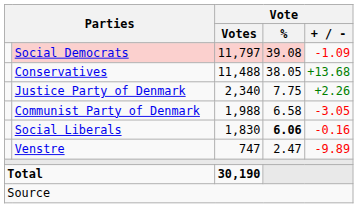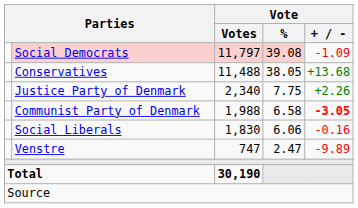 <table class="wikitable" style="text-align:right;">
 <tr>
 <th style="text-align:centre;" rowspan="2" colspan="2" width="225">Parties</th>
 <th colspan="3">Vote</th>
 </tr>
 <tr>
 <th width="15">Votes</th>
 <th width="15">%</th>
 <th width="15">+ / -</th>
 </tr>
 <tr>
 <td width="2" style="color:inherit;background:"></td>
 <td bgcolor=#fbd0ce  align="left"><a href='#'>Social Democrats</a></td>
 <td bgcolor=#fbd0ce>11,797</td>
 <td bgcolor=#fbd0ce>39.08</td>
 <td style=color:red;>-1.09</td>
 </tr>
 <tr>
 <td width="2" style="color:inherit;background:"></td>
 <td align="left"><a href='#'>Conservatives</a></td>
 <td>11,488</td>
 <td>38.05</td>
 <td style=color:green;>+13.68</td>
 </tr>
 <tr>
 <td width="2" style="color:inherit;background:"></td>
 <td align="left"><a href='#'>Justice Party of Denmark</a></td>
 <td>2,340</td>
 <td>7.75</td>
 <td style=color:green;>+2.26</td>
 </tr>
 <tr>
 <td width="2" style="color:inherit;background:"></td>
 <td align="left"><a href='#'>Communist Party of Denmark</a></td>
 <td>1,988</td>
 <td>6.58</td>
-<td style=color:red;>-3.05</td>
+<td style=color:red;><strong>-3.05</strong></td>
 </tr>
 <tr>
 <td width="2" style="color:inherit;background:"></td>
 <td align="left"><a href='#'>Social Liberals</a></td>
 <td>1,830</td>
-<td><strong>6.06</strong></td>
+<td>6.06</td>
 <td style=color:red;>-0.16</td>
 </tr>
 <tr>
 <td width="2" style="color:inherit;background:"></td>
 <td align="left"><a href='#'>Venstre</a></td>
 <td>747</td>
 <td>2.47</td>
 <td style=color:red;>-9.89</td>
 </tr>
 <tr>
 <td colspan="7" bgcolor="#E9E9E9"></td>
 </tr>
 <tr>
 <td align="left" colspan="2"><strong>Total</strong></td>
 <td><strong>30,190</strong></td>
 <td bgcolor="#E9E9E9" colspan="2"></td>
 </tr>
 <tr>
 <td align="left" colspan="6">Source</td>
 </tr>
 </table>
